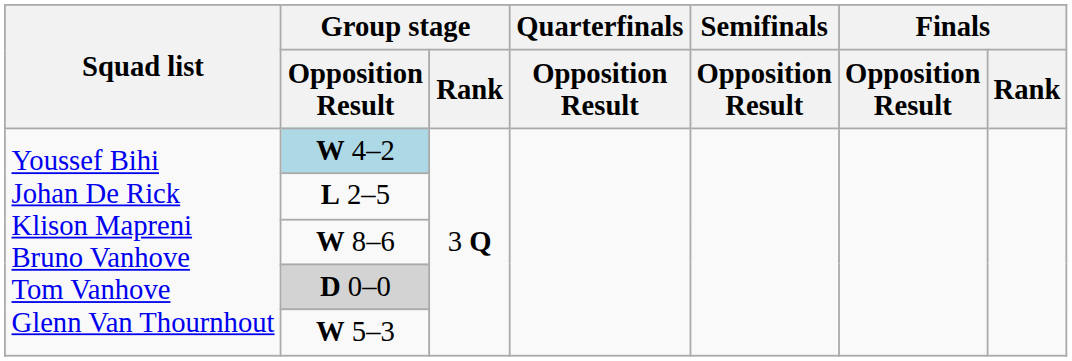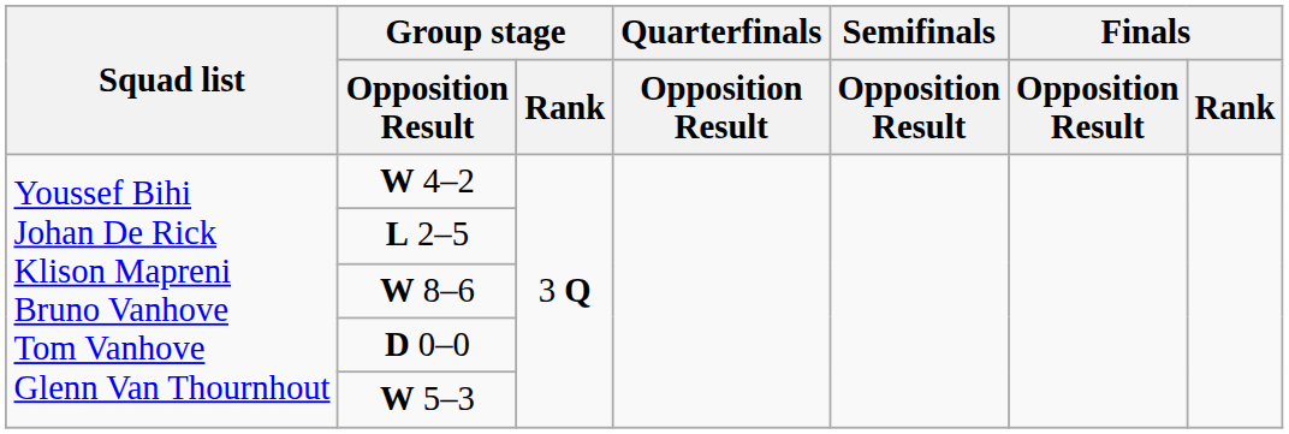 <table class=wikitable>
 <tr>
 <th rowspan="2">Squad list</th>
 <th colspan="2">Group stage</th>
 <th>Quarterfinals</th>
 <th>Semifinals</th>
 <th colspan="2">Finals</th>
 </tr>
 <tr>
 <th>Opposition<br>Result</th>
 <th>Rank</th>
 <th>Opposition<br>Result</th>
 <th>Opposition<br>Result</th>
 <th>Opposition<br>Result</th>
 <th>Rank</th>
 </tr>
 <tr>
 <td rowspan="5"><a href='#'>Youssef Bihi</a><br><a href='#'>Johan De Rick</a><br><a href='#'>Klison Mapreni</a><br><a href='#'>Bruno Vanhove</a><br><a href='#'>Tom Vanhove</a><br><a href='#'>Glenn Van Thournhout</a></td>
-<td align="center" style="background: lightblue;"> <strong>W</strong> 4–2</td>
+<td align="center"> <strong>W</strong> 4–2</td>
 <td align="center" rowspan="5">3 <strong>Q</strong></td>
 <td align="center" rowspan="5"></td>
 <td align="center" rowspan="5"></td>
 <td align="center" rowspan="5"></td>
 <td align="center" rowspan="5"></td>
 </tr>
 <tr>
 <td align="center"> <strong>L</strong> 2–5</td>
 </tr>
 <tr>
 <td align="center"> <strong>W</strong> 8–6</td>
 </tr>
 <tr>
-<td align="center" style="background: lightgrey;"> <strong>D</strong> 0–0</td>
+<td align="center"> <strong>D</strong> 0–0</td>
 </tr>
 <tr>
 <td align="center"> <strong>W</strong> 5–3</td>
 </tr>
 </table>
